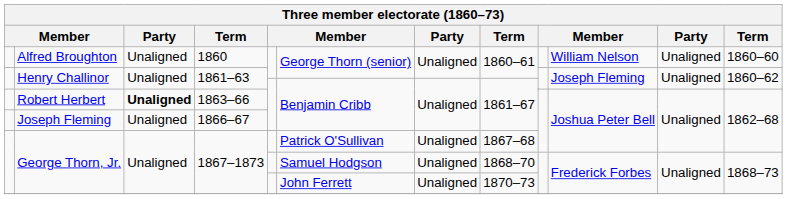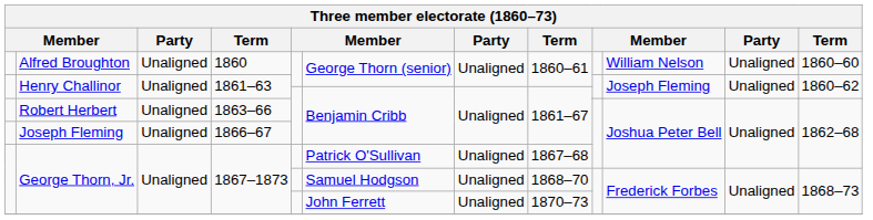 <table class="wikitable">
 <tr>
 <th colspan="12">Three member electorate (1860–73)</th>
 </tr>
 <tr>
 <th colspan="2">Member</th>
 <th>Party</th>
 <th>Term</th>
 <th colspan="2">Member</th>
 <th>Party</th>
 <th>Term</th>
 <th colspan="2">Member</th>
 <th>Party</th>
 <th>Term</th>
 </tr>
 <tr>
 <td rowspan="2" > </td>
 <td rowspan="2"><a href='#'>Alfred Broughton</a></td>
 <td rowspan="2">Unaligned</td>
 <td rowspan="2">1860</td>
 <td rowspan="3" > </td>
 <td rowspan="3"><a href='#'>George Thorn (senior)</a></td>
 <td rowspan="3">Unaligned</td>
 <td rowspan="3">1860–61</td>
 <td> </td>
 <td><a href='#'>William Nelson</a></td>
 <td>Unaligned</td>
 <td>1860–60</td>
 </tr>
 <tr>
 <td rowspan="3" > </td>
 <td rowspan="3"><a href='#'>Joseph Fleming</a></td>
 <td rowspan="3">Unaligned</td>
 <td rowspan="3">1860–62</td>
 </tr>
 <tr>
 <td rowspan="3" > </td>
 <td rowspan="3"><a href='#'>Henry Challinor</a></td>
 <td rowspan="3">Unaligned</td>
 <td rowspan="3">1861–63</td>
 </tr>
 <tr>
 <td rowspan="4" > </td>
 <td rowspan="4"><a href='#'>Benjamin Cribb</a></td>
 <td rowspan="4">Unaligned</td>
 <td rowspan="4">1861–67</td>
 </tr>
 <tr>
 <td rowspan="4" > </td>
 <td rowspan="4"><a href='#'>Joshua Peter Bell</a></td>
 <td rowspan="4">Unaligned</td>
 <td rowspan="4">1862–68</td>
 </tr>
 <tr>
 <td> </td>
 <td><a href='#'>Robert Herbert</a></td>
-<td><strong>Unaligned</strong></td>
+<td>Unaligned</td>
 <td>1863–66</td>
 </tr>
 <tr>
 <td> </td>
 <td><a href='#'>Joseph Fleming</a></td>
 <td>Unaligned</td>
 <td>1866–67</td>
 </tr>
 <tr>
 <td rowspan="3" > </td>
 <td rowspan="3"><a href='#'>George Thorn, Jr.</a></td>
 <td rowspan="3">Unaligned</td>
 <td rowspan="3">1867–1873</td>
 <td> </td>
 <td><a href='#'>Patrick O'Sullivan</a></td>
 <td>Unaligned</td>
 <td>1867–68</td>
 </tr>
 <tr>
 <td> </td>
 <td><a href='#'>Samuel Hodgson</a></td>
 <td>Unaligned</td>
 <td>1868–70</td>
 <td rowspan="2" > </td>
 <td rowspan="2"><a href='#'>Frederick Forbes</a></td>
 <td rowspan="2">Unaligned</td>
 <td rowspan="2">1868–73</td>
 </tr>
 <tr>
 <td> </td>
 <td><a href='#'>John Ferrett</a></td>
 <td>Unaligned</td>
 <td>1870–73</td>
 </tr>
 <tr>
 </tr>
 </table>
